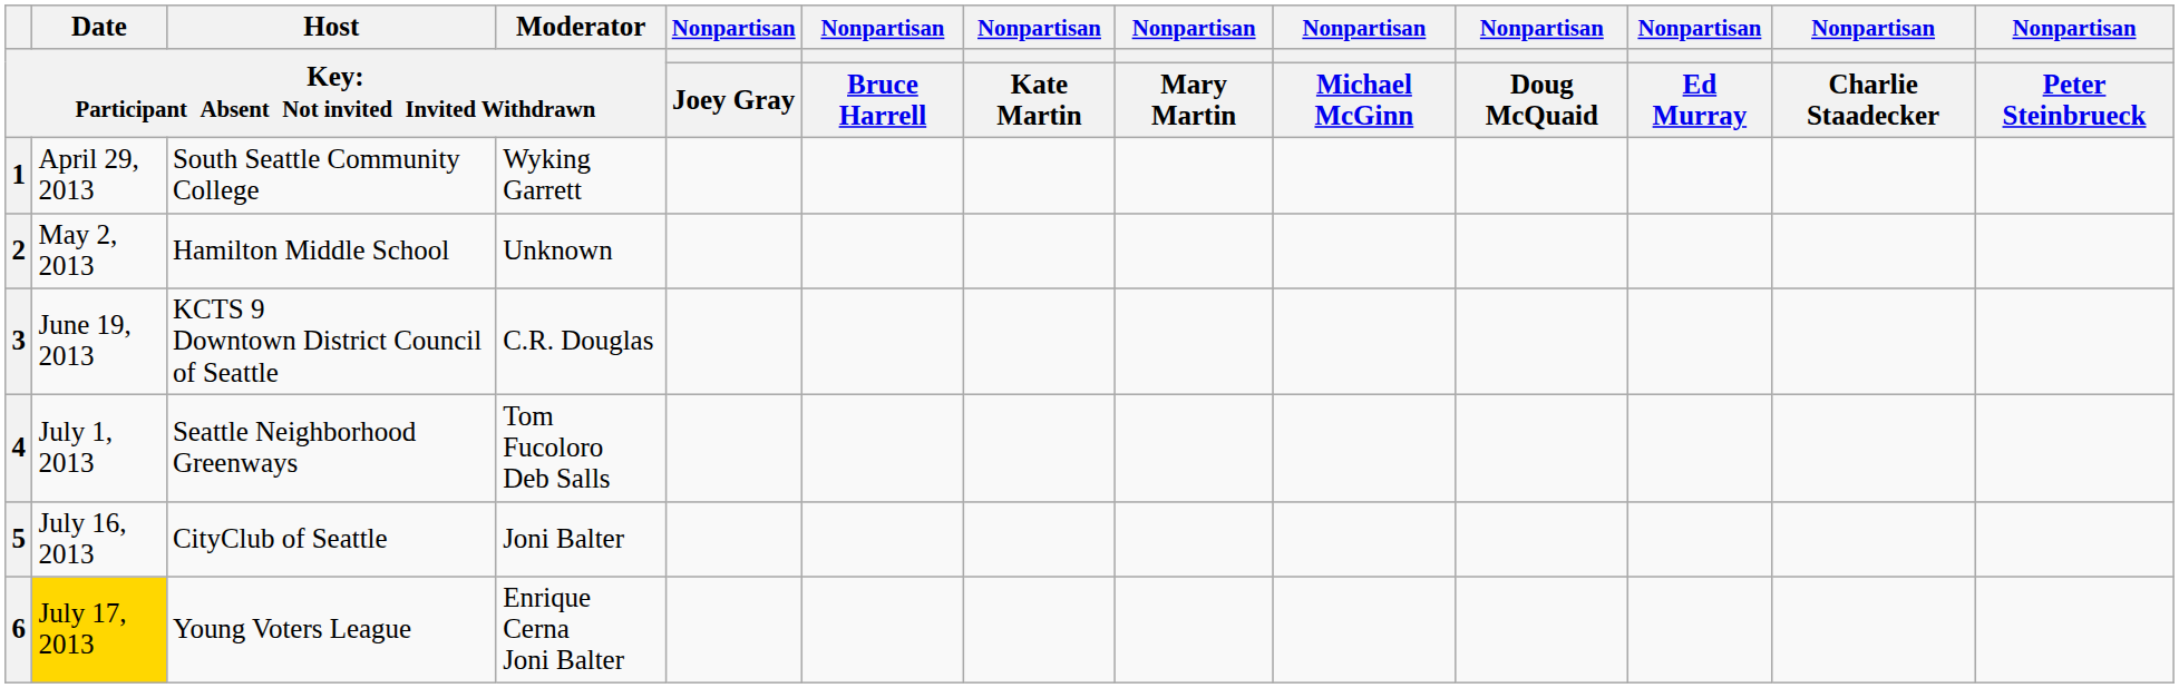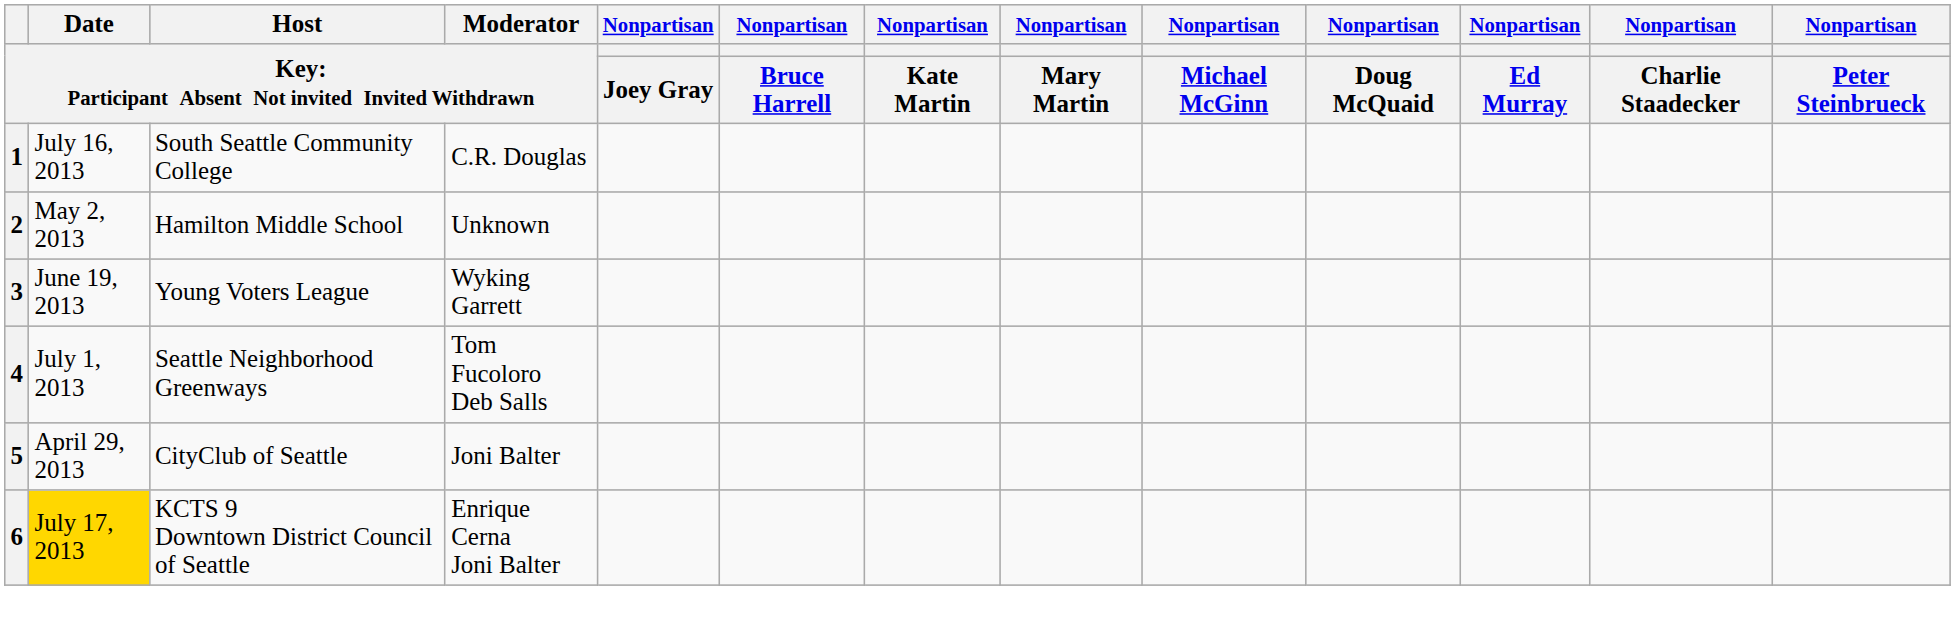 <table class="wikitable">
 <tr>
 <th></th>
 <th>Date</th>
 <th>Host</th>
 <th>Moderator</th>
 <th><small><a href='#'>Nonpartisan</a></small></th>
 <th><small><a href='#'>Nonpartisan</a></small></th>
 <th><small><a href='#'>Nonpartisan</a></small></th>
 <th><small><a href='#'>Nonpartisan</a></small></th>
 <th><small><a href='#'>Nonpartisan</a></small></th>
 <th><small><a href='#'>Nonpartisan</a></small></th>
 <th><small><a href='#'>Nonpartisan</a></small></th>
 <th><small><a href='#'>Nonpartisan</a></small></th>
 <th><small><a href='#'>Nonpartisan</a></small></th>
 </tr>
 <tr>
 <th colspan="4" rowspan="2">Key:<br> <small>Participant </small>  <small>Absent </small>  <small>Not invited </small>  <small>Invited  Withdrawn</small></th>
 <th scope="col" style="background:"></th>
 <th scope="col" style="background:"></th>
 <th scope="col" style="background:"></th>
 <th scope="col" style="background:"></th>
 <th scope="col" style="background:"></th>
 <th scope="col" style="background:"></th>
 <th scope="col" style="background:"></th>
 <th scope="col" style="background:"></th>
 <th scope="col" style="background:"></th>
 </tr>
 <tr>
 <th scope="col">Joey Gray</th>
 <th scope="col"><a href='#'>Bruce Harrell</a></th>
 <th>Kate Martin</th>
 <th>Mary Martin</th>
 <th><a href='#'>Michael McGinn</a></th>
 <th>Doug McQuaid</th>
 <th><a href='#'>Ed Murray</a></th>
 <th>Charlie Staadecker</th>
 <th><a href='#'>Peter Steinbrueck</a></th>
 </tr>
 <tr>
 <th>1</th>
-<td>April 29, 2013</td>
+<td>July 16, 2013</td>
 <td>South Seattle Community College</td>
-<td>Wyking Garrett</td>
+<td>C.R. Douglas</td>
 <td></td>
 <td></td>
 <td></td>
 <td></td>
 <td></td>
 <td></td>
 <td></td>
 <td></td>
 <td></td>
 </tr>
 <tr>
 <th>2</th>
 <td>May 2, 2013</td>
 <td>Hamilton Middle School</td>
 <td>Unknown</td>
 <td></td>
 <td></td>
 <td></td>
 <td></td>
 <td></td>
 <td></td>
 <td></td>
 <td></td>
 <td></td>
 </tr>
 <tr>
 <th>3</th>
 <td>June 19, 2013</td>
-<td>KCTS 9<br>Downtown District Council of Seattle</td>
-<td>C.R. Douglas</td>
+<td>Young Voters League</td>
+<td>Wyking Garrett</td>
 <td></td>
 <td></td>
 <td></td>
 <td></td>
 <td></td>
 <td></td>
 <td></td>
 <td></td>
 <td></td>
 </tr>
 <tr>
 <th>4</th>
 <td>July 1, 2013</td>
 <td>Seattle Neighborhood Greenways</td>
 <td>Tom Fucoloro<br>Deb Salls</td>
 <td></td>
 <td></td>
 <td></td>
 <td></td>
 <td></td>
 <td></td>
 <td></td>
 <td></td>
 <td></td>
 </tr>
 <tr>
 <th>5</th>
-<td>July 16, 2013</td>
+<td>April 29, 2013</td>
 <td>CityClub of Seattle</td>
 <td>Joni Balter</td>
 <td></td>
 <td></td>
 <td></td>
 <td></td>
 <td></td>
 <td></td>
 <td></td>
 <td></td>
 <td></td>
 </tr>
 <tr>
 <th>6</th>
 <td style="background: gold;">July 17, 2013</td>
-<td>Young Voters League</td>
+<td>KCTS 9<br>Downtown District Council of Seattle</td>
 <td>Enrique Cerna<br>Joni Balter</td>
 <td></td>
 <td></td>
 <td></td>
 <td></td>
 <td></td>
 <td></td>
 <td></td>
 <td></td>
 <td></td>
 </tr>
 </table>
